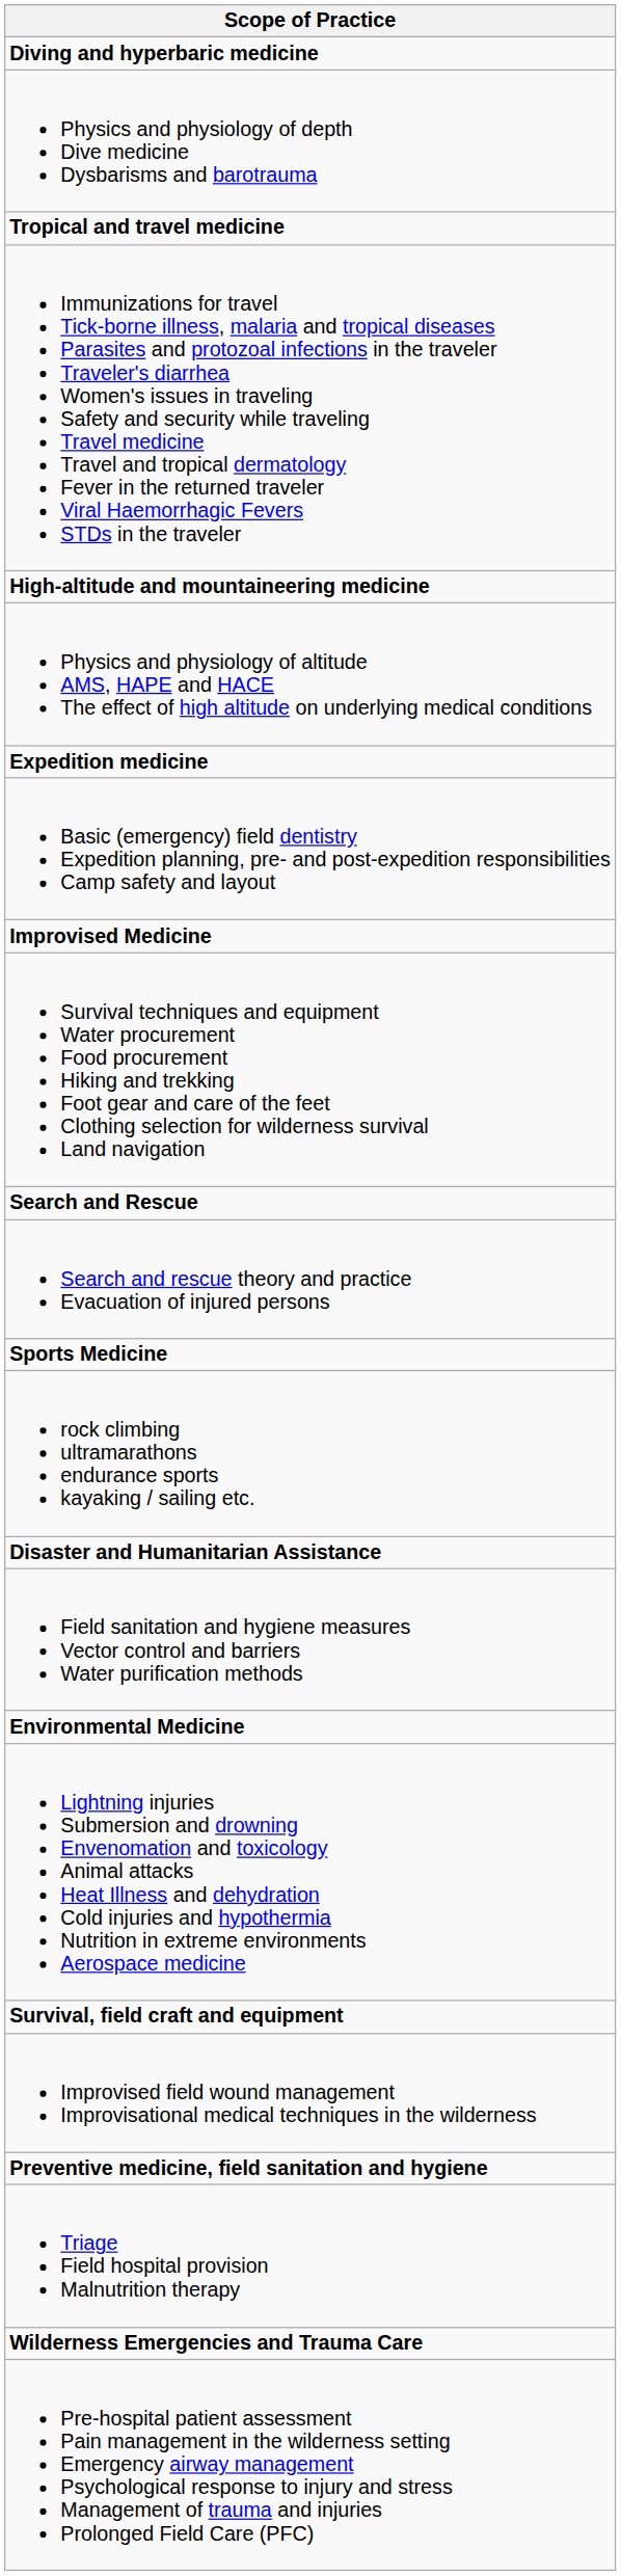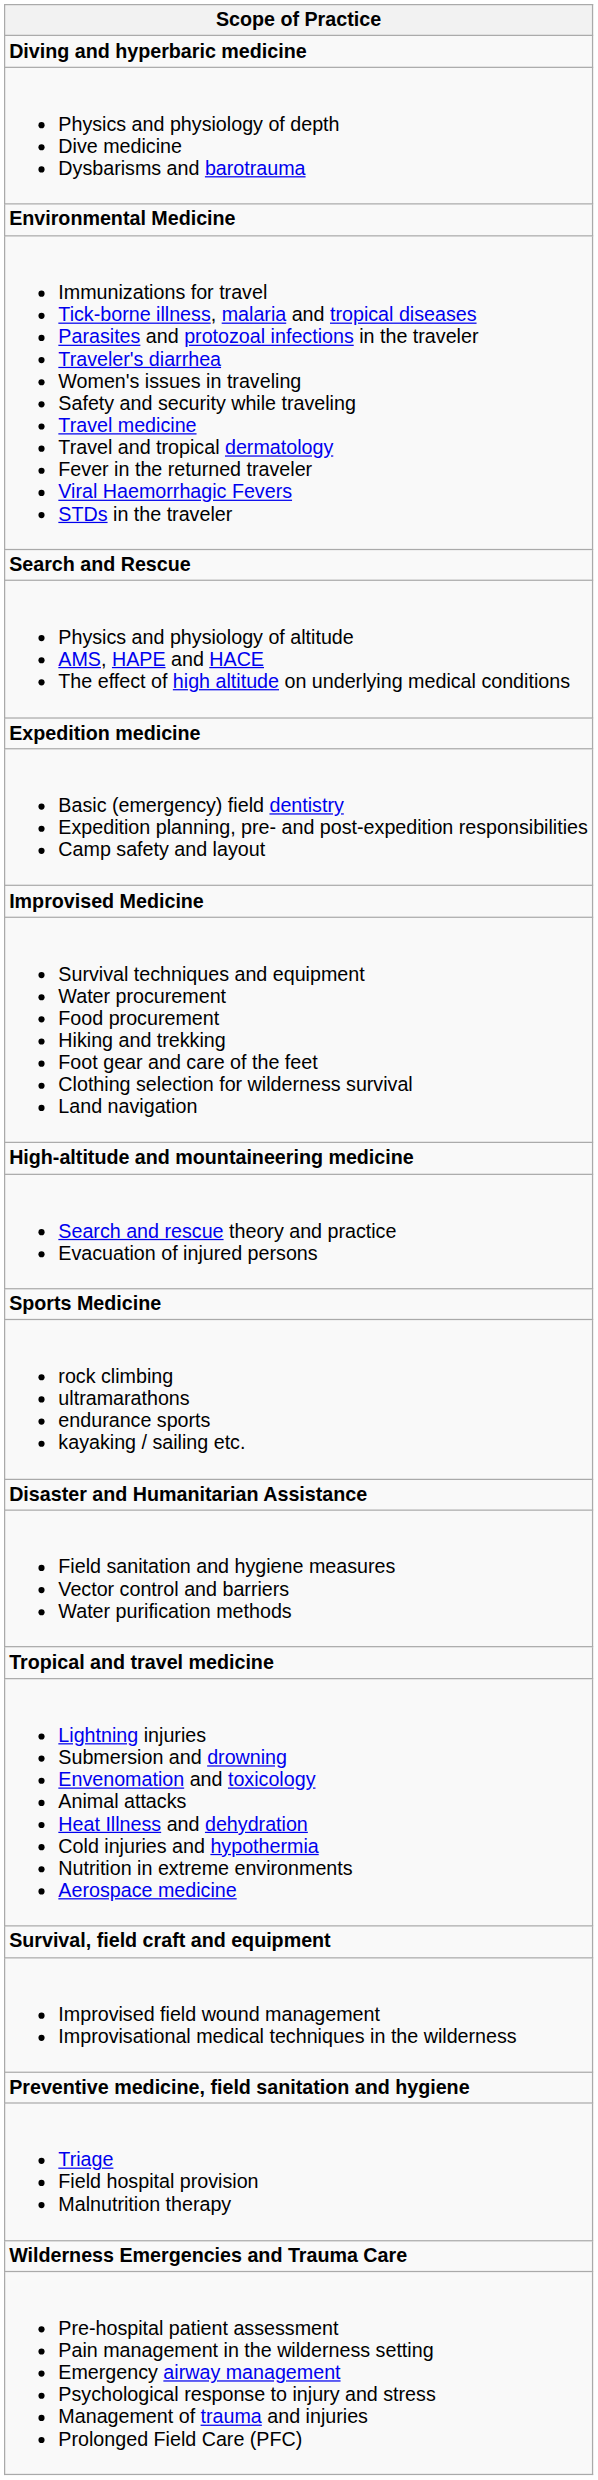 <table class="wikitable mw-collapsible mw-collapsed">
 <tr>
 <th>Scope of Practice</th>
 </tr>
 <tr>
 <td><strong>Diving and hyperbaric medicine</strong></td>
 </tr>
 <tr>
 <td><br><ul><li>Physics and physiology of depth</li><li>Dive medicine</li><li>Dysbarisms and <a href='#'>barotrauma</a></li></ul></td>
 </tr>
 <tr>
-<td><strong>Tropical and travel medicine</strong></td>
+<td><strong>Environmental Medicine</strong></td>
 </tr>
 <tr>
 <td><br><ul><li>Immunizations for travel</li><li><a href='#'>Tick-borne illness</a>, <a href='#'>malaria</a> and <a href='#'>tropical diseases</a></li><li><a href='#'>Parasites</a> and <a href='#'>protozoal infections</a> in the traveler</li><li><a href='#'>Traveler's diarrhea</a></li><li>Women's issues in traveling</li><li>Safety and security while traveling</li><li><a href='#'>Travel medicine</a></li><li>Travel and tropical <a href='#'>dermatology</a></li><li>Fever in the returned traveler</li><li><a href='#'>Viral Haemorrhagic Fevers</a></li><li><a href='#'>STDs</a> in the traveler</li></ul></td>
 </tr>
 <tr>
-<td><strong>High-altitude and mountaineering medicine</strong></td>
+<td><strong>Search and Rescue</strong></td>
 </tr>
 <tr>
 <td><br><ul><li>Physics and physiology of altitude</li><li><a href='#'>AMS</a>, <a href='#'>HAPE</a> and <a href='#'>HACE</a></li><li>The effect of <a href='#'>high altitude</a> on underlying medical conditions</li></ul></td>
 </tr>
 <tr>
 <td><strong>Expedition medicine</strong></td>
 </tr>
 <tr>
 <td><br><ul><li>Basic (emergency) field <a href='#'>dentistry</a></li><li>Expedition planning, pre- and post-expedition responsibilities</li><li>Camp safety and layout</li></ul></td>
 </tr>
 <tr>
 <td><strong>Improvised Medicine</strong></td>
 </tr>
 <tr>
 <td><br><ul><li>Survival techniques and equipment</li><li>Water procurement</li><li>Food procurement</li><li>Hiking and trekking</li><li>Foot gear and care of the feet</li><li>Clothing selection for wilderness survival</li><li>Land navigation</li></ul></td>
 </tr>
 <tr>
-<td><strong>Search and Rescue</strong></td>
+<td><strong>High-altitude and mountaineering medicine</strong></td>
 </tr>
 <tr>
 <td><br><ul><li><a href='#'>Search and rescue</a> theory and practice</li><li>Evacuation of injured persons</li></ul></td>
 </tr>
 <tr>
 <td><strong>Sports Medicine</strong></td>
 </tr>
 <tr>
 <td><br><ul><li>rock climbing</li><li>ultramarathons</li><li>endurance sports</li><li>kayaking / sailing etc.</li></ul></td>
 </tr>
 <tr>
 <td><strong>Disaster and Humanitarian Assistance</strong></td>
 </tr>
 <tr>
 <td><br><ul><li>Field sanitation and hygiene measures</li><li>Vector control and barriers</li><li>Water purification methods</li></ul></td>
 </tr>
 <tr>
-<td><strong>Environmental Medicine</strong></td>
+<td><strong>Tropical and travel medicine</strong></td>
 </tr>
 <tr>
 <td><br><ul><li><a href='#'>Lightning</a> injuries</li><li>Submersion and <a href='#'>drowning</a></li><li><a href='#'>Envenomation</a> and <a href='#'>toxicology</a></li><li>Animal attacks</li><li><a href='#'>Heat Illness</a> and <a href='#'>dehydration</a></li><li>Cold injuries and <a href='#'>hypothermia</a></li><li>Nutrition in extreme environments</li><li><a href='#'>Aerospace medicine</a></li></ul></td>
 </tr>
 <tr>
 <td><strong>Survival, field craft and equipment</strong></td>
 </tr>
 <tr>
 <td><br><ul><li>Improvised field wound management</li><li>Improvisational medical techniques in the wilderness</li></ul></td>
 </tr>
 <tr>
 <td><strong>Preventive medicine, field sanitation and hygiene</strong></td>
 </tr>
 <tr>
 <td><br><ul><li><a href='#'>Triage</a></li><li>Field hospital provision</li><li>Malnutrition therapy</li></ul></td>
 </tr>
 <tr>
 <td><strong>Wilderness Emergencies and Trauma Care</strong></td>
 </tr>
 <tr>
 <td><br><ul><li>Pre-hospital patient assessment</li><li>Pain management in the wilderness setting</li><li>Emergency <a href='#'>airway management</a></li><li>Psychological response to injury and stress</li><li>Management of <a href='#'>trauma</a> and injuries</li><li>Prolonged Field Care (PFC)</li></ul></td>
 </tr>
 </table>
